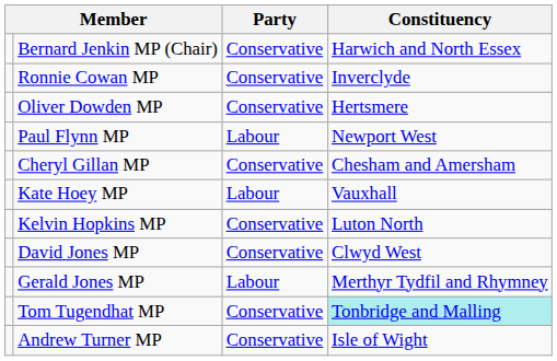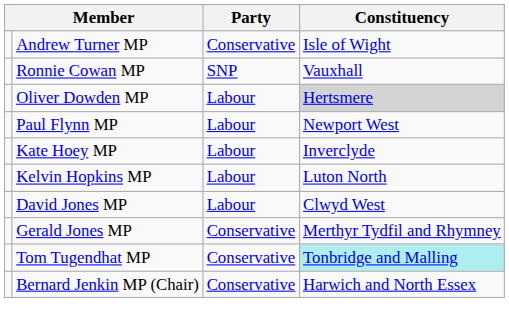 <table class="wikitable">
 <tr>
 <th colspan=2>Member</th>
 <th>Party</th>
 <th>Constituency</th>
 </tr>
 <tr>
 <td style="color:inherit;background:"></td>
-<td><a href='#'>Bernard Jenkin</a> MP (Chair)</td>
+<td><a href='#'>Andrew Turner</a> MP</td>
 <td><a href='#'>Conservative</a></td>
-<td><a href='#'>Harwich and North Essex</a></td>
+<td><a href='#'>Isle of Wight</a></td>
 </tr>
 <tr>
 <td style="color:inherit;background:"></td>
 <td><a href='#'>Ronnie Cowan</a> MP</td>
-<td><a href='#'>Conservative</a></td>
-<td><a href='#'>Inverclyde</a></td>
+<td><a href='#'>SNP</a></td>
+<td><a href='#'>Vauxhall</a></td>
 </tr>
 <tr>
 <td style="color:inherit;background:"></td>
 <td><a href='#'>Oliver Dowden</a> MP</td>
-<td><a href='#'>Conservative</a></td>
-<td><a href='#'>Hertsmere</a></td>
+<td><a href='#'>Labour</a></td>
+<td style="background: lightgrey;"><a href='#'>Hertsmere</a></td>
 </tr>
 <tr>
 <td style="color:inherit;background:"></td>
 <td><a href='#'>Paul Flynn</a> MP</td>
 <td><a href='#'>Labour</a></td>
 <td><a href='#'>Newport West</a></td>
 </tr>
 <tr>
 <td style="color:inherit;background:"></td>
-<td><a href='#'>Cheryl Gillan</a> MP</td>
-<td><a href='#'>Conservative</a></td>
-<td><a href='#'>Chesham and Amersham</a></td>
-</tr>
-<tr>
-<td style="color:inherit;background:"></td>
 <td><a href='#'>Kate Hoey</a> MP</td>
 <td><a href='#'>Labour</a></td>
-<td><a href='#'>Vauxhall</a></td>
+<td><a href='#'>Inverclyde</a></td>
 </tr>
 <tr>
 <td style="color:inherit;background:"></td>
 <td><a href='#'>Kelvin Hopkins</a> MP</td>
-<td><a href='#'>Conservative</a></td>
+<td><a href='#'>Labour</a></td>
 <td><a href='#'>Luton North</a></td>
 </tr>
 <tr>
 <td style="color:inherit;background:"></td>
 <td><a href='#'>David Jones</a> MP</td>
-<td><a href='#'>Conservative</a></td>
+<td><a href='#'>Labour</a></td>
 <td><a href='#'>Clwyd West</a></td>
 </tr>
 <tr>
 <td style="color:inherit;background:"></td>
 <td><a href='#'>Gerald Jones</a> MP</td>
-<td><a href='#'>Labour</a></td>
+<td><a href='#'>Conservative</a></td>
 <td><a href='#'>Merthyr Tydfil and Rhymney</a></td>
 </tr>
 <tr>
 <td style="color:inherit;background:"></td>
 <td><a href='#'>Tom Tugendhat</a> MP</td>
 <td><a href='#'>Conservative</a></td>
 <td style="background: paleturquoise;"><a href='#'>Tonbridge and Malling</a></td>
 </tr>
 <tr>
 <td style="color:inherit;background:"></td>
-<td><a href='#'>Andrew Turner</a> MP</td>
+<td><a href='#'>Bernard Jenkin</a> MP (Chair)</td>
 <td><a href='#'>Conservative</a></td>
-<td><a href='#'>Isle of Wight</a></td>
+<td><a href='#'>Harwich and North Essex</a></td>
 </tr>
 </table>
